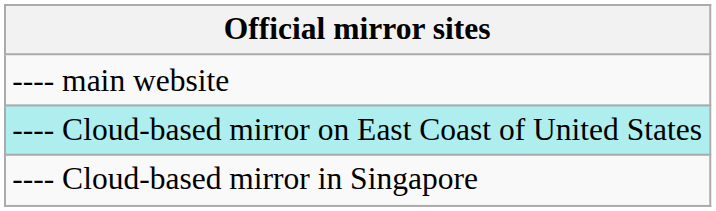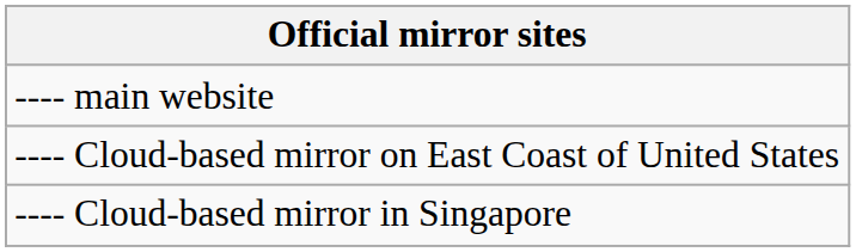 <table class="wikitable">
 <tr>
 <th>Official mirror sites</th>
 </tr>
 <tr>
 <td> ---- main website</td>
 </tr>
 <tr>
-<td style="background: paleturquoise;"> ---- Cloud-based mirror on East Coast of United States</td>
+<td> ---- Cloud-based mirror on East Coast of United States</td>
 </tr>
 <tr>
 <td> ---- Cloud-based mirror in Singapore</td>
 </tr>
 </table>
